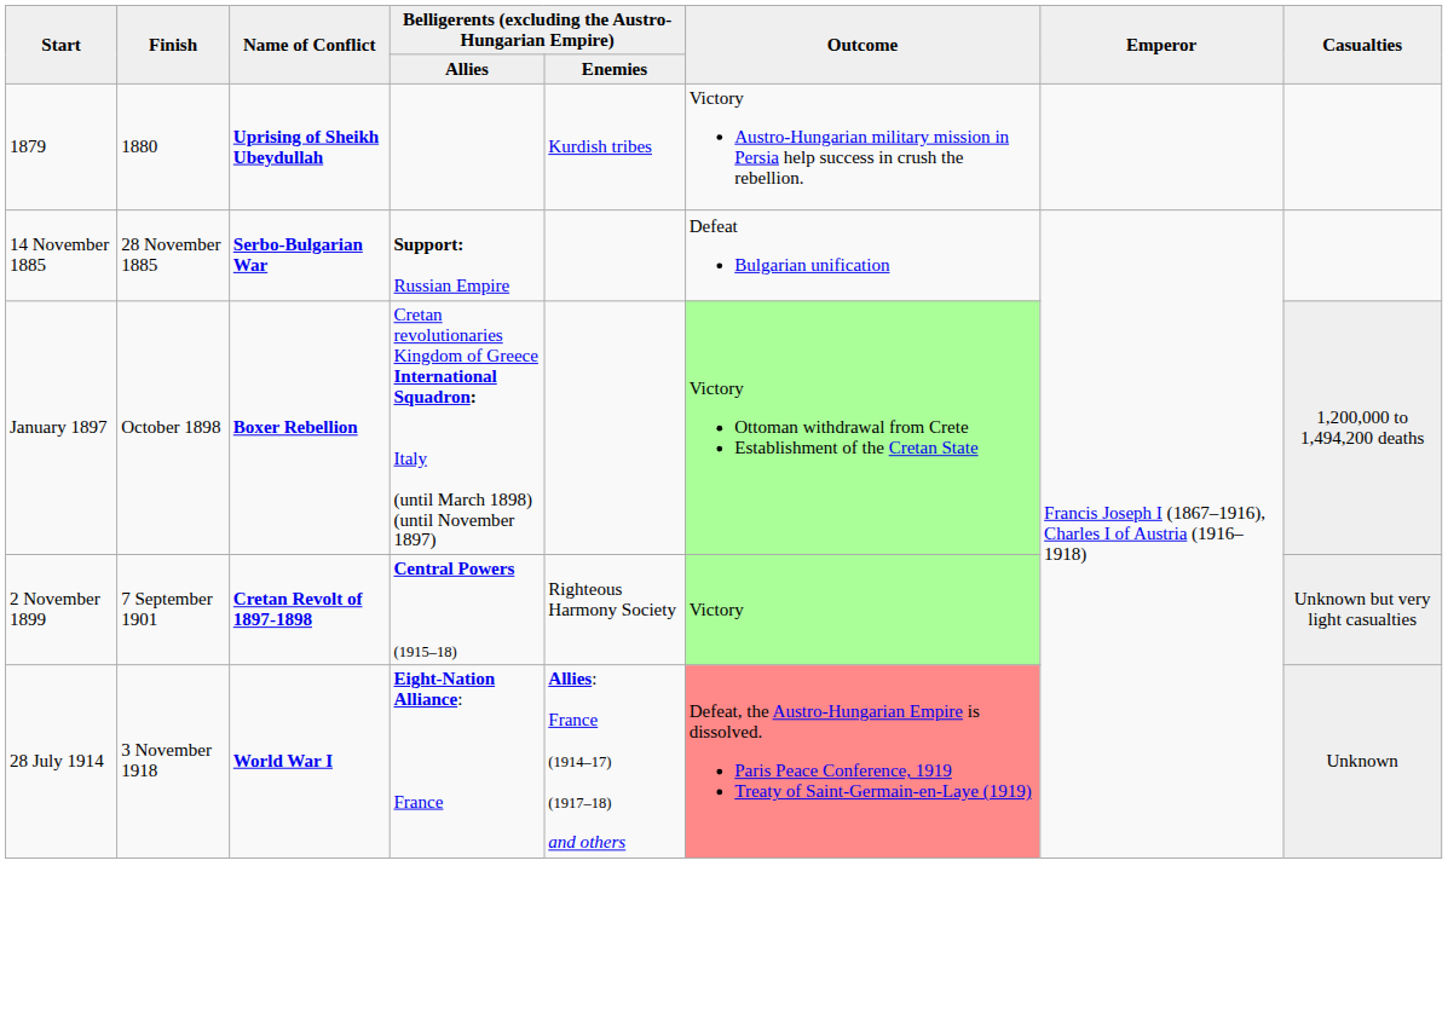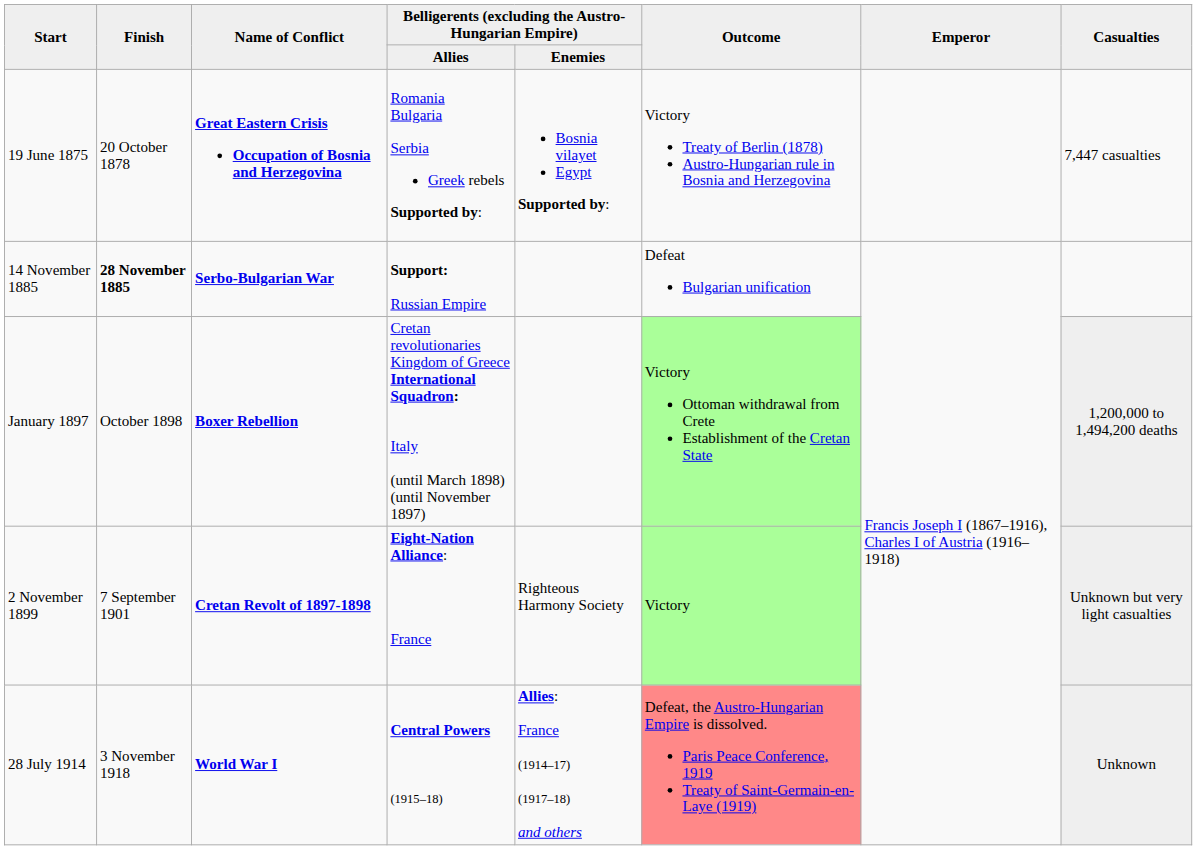 <table class="wikitable sortable" width="100%">
 <tr>
 <th rowspan="2" style="background:#efefef;">Start</th>
 <th rowspan="2" style="background:#efefef;">Finish</th>
 <th rowspan="2" style="background:#efefef;">Name of Conflict</th>
 <th colspan="2" style="background:#efefef;">Belligerents (excluding the Austro-Hungarian Empire)</th>
 <th rowspan="2" style="background:#efefef;">Outcome</th>
 <th rowspan="2" style="background:#efefef;">Emperor</th>
 <th rowspan="2" style="background:#efefef;">Casualties</th>
 </tr>
 <tr>
 <th style="background:#efefef;">Allies</th>
 <th style="background:#efefef;">Enemies</th>
 </tr>
 <tr>
-<td>1879</td>
-<td>1880</td>
-<td><strong><a href='#'>Uprising of Sheikh Ubeydullah</a></strong></td>
-<td><br></td>
-<td><a href='#'>Kurdish tribes</a></td>
-<td>Victory<br><ul><li><a href='#'>Austro-Hungarian military mission in Persia</a> help success in crush the rebellion.</li></ul></td>
+<td>19 June 1875</td>
+<td>20 October 1878</td>
+<td><strong><a href='#'>Great Eastern Crisis</a></strong><br><ul><li><strong><a href='#'>Occupation of Bosnia and Herzegovina</a></strong></li></ul></td>
+<td><br> <a href='#'>Romania</a><br> <a href='#'>Bulgaria</a><br><br> <a href='#'>Serbia</a><br><ul><li><a href='#'>Greek</a> rebels</li></ul><strong>Supported by</strong>:<br><br></td>
+<td><br><ul><li> <a href='#'>Bosnia vilayet</a></li><li> <a href='#'>Egypt</a></li></ul><strong>Supported by</strong>:<br></td>
+<td>Victory<br><ul><li><a href='#'>Treaty of Berlin (1878)</a></li><li><a href='#'>Austro-Hungarian rule in Bosnia and Herzegovina</a></li></ul></td>
 <td></td>
-<td></td>
+<td>7,447 casualties</td>
 </tr>
 <tr>
 <td>14 November 1885</td>
-<td>28 November 1885</td>
+<td><strong>28 November 1885</strong></td>
 <td><strong><a href='#'>Serbo-Bulgarian War</a></strong></td>
 <td><br><strong>Support:</strong><br><br> <a href='#'>Russian Empire</a></td>
 <td></td>
 <td>Defeat<br><ul><li><a href='#'>Bulgarian unification</a></li></ul></td>
 <td rowspan="4"><a href='#'>Francis Joseph I</a> (1867–1916), <a href='#'>Charles I of Austria</a> (1916–1918)</td>
 <td></td>
 </tr>
 <tr>
 <td>January 1897</td>
 <td>October 1898</td>
 <td><strong><a href='#'>Boxer Rebellion</a></strong></td>
 <td> <a href='#'>Cretan revolutionaries</a> <br>  <a href='#'>Kingdom of Greece</a><br><strong><a href='#'>International Squadron</a>:</strong><br> <br><br> <a href='#'>Italy</a><br><br> (until March 1898)<br> (until November 1897)</td>
 <td></td>
 <td style="Background:#AF9">Victory<br><ul><li>Ottoman withdrawal from Crete</li><li>Establishment of the <a href='#'>Cretan State</a></li></ul></td>
 <td style="background:#efefef; text-align:center">1,200,000 to 1,494,200 deaths</td>
 </tr>
 <tr>
 <td>2 November 1899</td>
 <td>7 September 1901</td>
 <td><strong><a href='#'>Cretan Revolt of 1897-1898</a></strong></td>
-<td><strong><a href='#'>Central Powers</a></strong><br><br> <br> <br>  <small>(1915–18)</small></td>
+<td><strong><a href='#'>Eight-Nation Alliance</a></strong>:<br><br><br> <br> <br>  <a href='#'>France</a><br> <br> <br> </td>
 <td> Righteous Harmony Society<br><br></td>
 <td style="Background:#AF9">Victory</td>
 <td style="background:#efefef; text-align:center">Unknown but very light casualties</td>
 </tr>
 <tr>
 <td>28 July 1914</td>
 <td>3 November 1918</td>
 <td><strong><a href='#'>World War I</a></strong></td>
-<td><strong><a href='#'>Eight-Nation Alliance</a></strong>:<br><br><br> <br> <br>  <a href='#'>France</a><br> <br> <br> </td>
+<td><strong><a href='#'>Central Powers</a></strong><br><br> <br> <br>  <small>(1915–18)</small></td>
 <td><strong><a href='#'>Allies</a></strong>:<br><br> <a href='#'>France</a><br> <br>  <small>(1914–17)</small><br> <br>  <small>(1917–18)</small><br> <br> <a href='#'><em>and others</em></a></td>
 <td style="background:#F88">Defeat, the <a href='#'>Austro-Hungarian Empire</a> is dissolved.<br><ul><li><a href='#'>Paris Peace Conference, 1919</a></li><li><a href='#'>Treaty of Saint-Germain-en-Laye (1919)</a></li></ul></td>
 <td style="background:#efefef; text-align:center">Unknown</td>
 </tr>
 </table>
